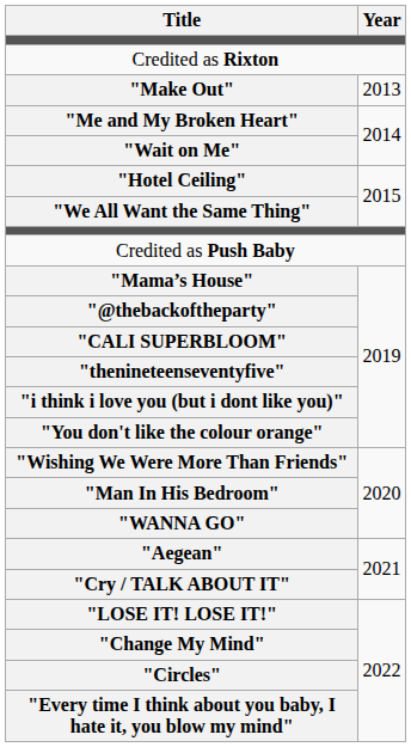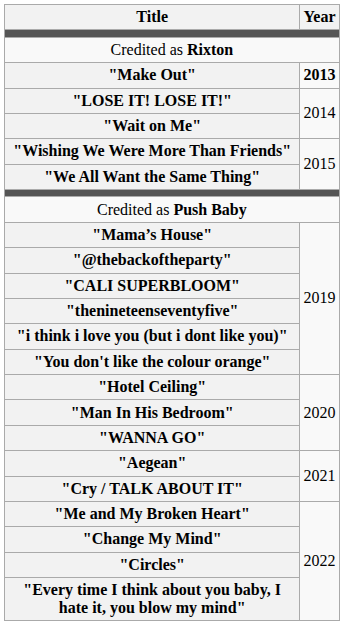 <table class="wikitable plainrowheaders" style="text-align:center;">
 <tr>
 <th scope="col" style="width:18em;">Title</th>
 <th scope="col" style="width:1em;">Year</th>
 </tr>
 <tr>
 </tr>
 <tr>
 <td colspan="2" style="background:#555;"></td>
 </tr>
 <tr>
 <td colspan=2>Credited as <strong>Rixton</strong></td>
 </tr>
 <tr>
 <th scope="row">"Make Out"</th>
-<td rowspan="1">2013</td>
+<td rowspan="1"><strong>2013</strong></td>
 </tr>
 <tr>
-<th scope="row">"Me and My Broken Heart"</th>
+<th scope="row">"LOSE IT! LOSE IT!"</th>
 <td rowspan="2">2014</td>
 </tr>
 <tr>
 <th scope="row">"Wait on Me"</th>
 </tr>
 <tr>
-<th scope="row">"Hotel Ceiling"</th>
+<th scope="row">"Wishing We Were More Than Friends"</th>
 <td rowspan="2">2015</td>
 </tr>
 <tr>
 <th scope="row">"We All Want the Same Thing"</th>
 </tr>
 <tr>
 </tr>
 <tr>
 <td colspan="2" style="background:#555;"></td>
 </tr>
 <tr>
 <td colspan=2>Credited as <strong>Push Baby</strong></td>
 </tr>
 <tr>
 <th scope="row">"Mama’s House"</th>
 <td rowspan="6">2019</td>
 </tr>
 <tr>
 <th scope="row">"@thebackoftheparty"</th>
 </tr>
 <tr>
 <th scope="row">"CALI SUPERBLOOM"</th>
 </tr>
 <tr>
 <th scope="row">"thenineteenseventyfive"</th>
 </tr>
 <tr>
 <th scope="row">"i think i love you (but i dont like you)"</th>
 </tr>
 <tr>
 <th scope="row">"You don't like the colour orange"</th>
 </tr>
 <tr>
-<th scope="row">"Wishing We Were More Than Friends"</th>
+<th scope="row">"Hotel Ceiling"</th>
 <td rowspan="3">2020</td>
 </tr>
 <tr>
 <th scope="row">"Man In His Bedroom"</th>
 </tr>
 <tr>
 <th scope="row">"WANNA GO"</th>
 </tr>
 <tr>
 <th scope="row">"Aegean"</th>
 <td rowspan="2">2021</td>
 </tr>
 <tr>
 <th scope="row">"Cry / TALK ABOUT IT"</th>
 </tr>
 <tr>
-<th scope="row">"LOSE IT! LOSE IT!"</th>
+<th scope="row">"Me and My Broken Heart"</th>
 <td rowspan="4">2022</td>
 </tr>
 <tr>
 <th scope="row">"Change My Mind"</th>
 </tr>
 <tr>
 <th scope="row">"Circles"</th>
 </tr>
 <tr>
 <th scope="row">"Every time I think about you baby, I hate it, you blow my mind"</th>
 </tr>
 </table>
